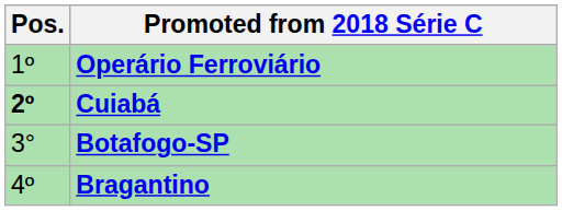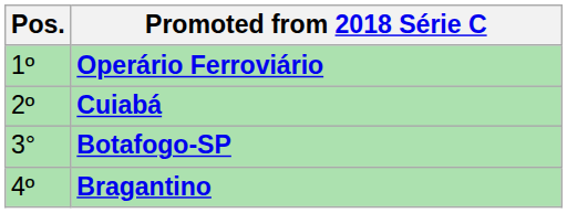 <table class="wikitable">
 <tr>
 <th align="center">Pos.</th>
 <th width="300">Promoted from <a href='#'>2018 Série C</a></th>
 </tr>
 <tr style="background: #ACE1AF;">
 <td>1º</td>
 <td><strong><a href='#'>Operário Ferroviário</a></strong></td>
 </tr>
 <tr style="background: #ACE1AF;">
-<td><strong>2º</strong></td>
+<td>2º</td>
 <td><strong><a href='#'>Cuiabá</a></strong></td>
 </tr>
 <tr style="background: #ACE1AF;">
 <td>3°</td>
 <td><strong><a href='#'>Botafogo-SP</a></strong></td>
 </tr>
 <tr style="background: #ACE1AF;">
 <td>4º</td>
 <td><strong><a href='#'>Bragantino</a></strong></td>
 </tr>
 </table>
